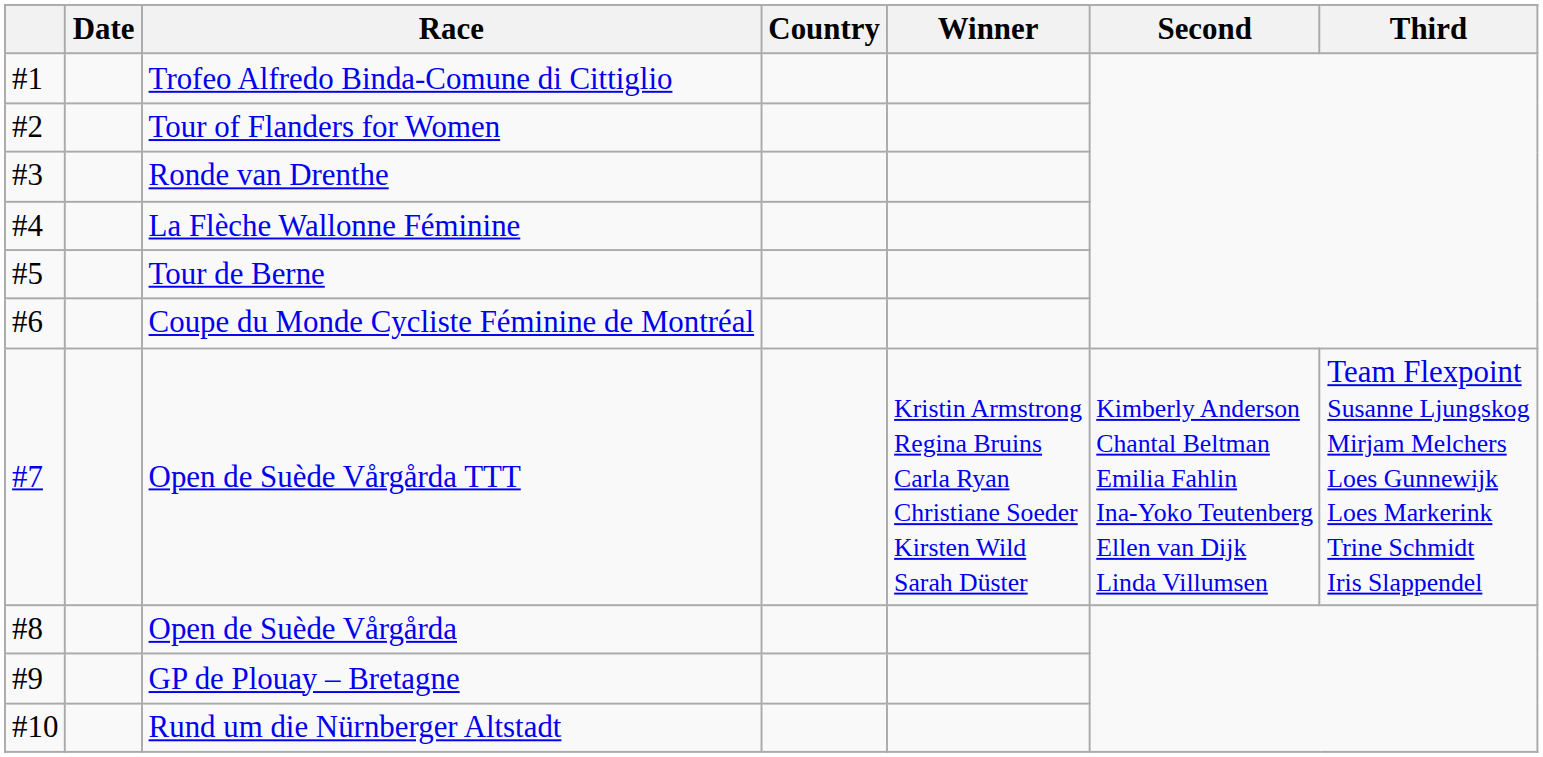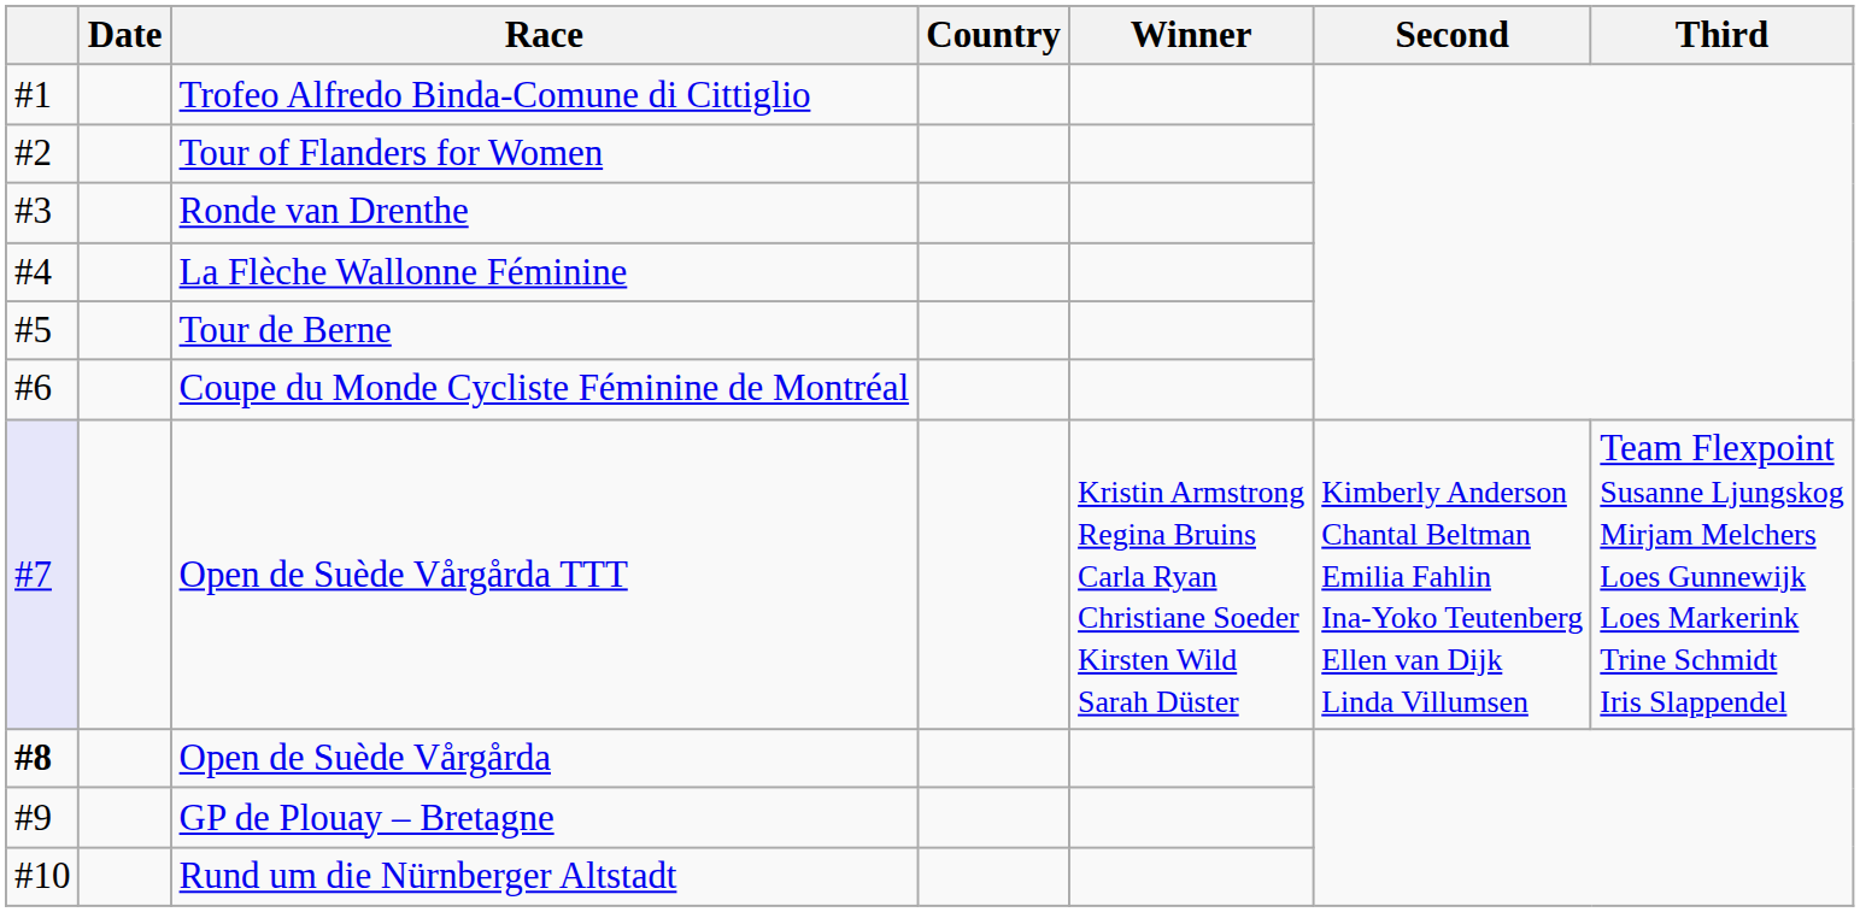 <table class="wikitable sortable">
 <tr>
 <th></th>
 <th>Date</th>
 <th>Race</th>
 <th>Country</th>
 <th>Winner</th>
 <th>Second</th>
 <th>Third</th>
 </tr>
 <tr>
 <td>#1</td>
 <td></td>
 <td><a href='#'>Trofeo Alfredo Binda-Comune di Cittiglio</a></td>
 <td></td>
 <td></td>
 </tr>
 <tr>
 <td>#2</td>
 <td></td>
 <td><a href='#'>Tour of Flanders for Women</a></td>
 <td></td>
 <td></td>
 </tr>
 <tr>
 <td>#3</td>
 <td></td>
 <td><a href='#'>Ronde van Drenthe</a></td>
 <td></td>
 <td></td>
 </tr>
 <tr>
 <td>#4</td>
 <td></td>
 <td><a href='#'>La Flèche Wallonne Féminine</a></td>
 <td></td>
 <td></td>
 </tr>
 <tr>
 <td>#5</td>
 <td></td>
 <td><a href='#'>Tour de Berne</a></td>
 <td></td>
 <td></td>
 </tr>
 <tr>
 <td>#6</td>
 <td></td>
 <td><a href='#'>Coupe du Monde Cycliste Féminine de Montréal</a></td>
 <td></td>
 <td></td>
 </tr>
 <tr>
-<td><a href='#'>#7</a></td>
+<td style="background: lavender;"><a href='#'>#7</a></td>
 <td></td>
 <td><a href='#'>Open de Suède Vårgårda TTT</a></td>
 <td></td>
 <td><br><small><a href='#'>Kristin Armstrong</a><br>  <a href='#'>Regina Bruins</a><br> <a href='#'>Carla Ryan</a><br> <a href='#'>Christiane Soeder</a><br>  <a href='#'>Kirsten Wild</a><br><a href='#'>Sarah Düster</a></small></td>
 <td><br><small><a href='#'>Kimberly Anderson</a><br> <a href='#'>Chantal Beltman</a><br> <a href='#'>Emilia Fahlin</a><br>  <a href='#'>Ina-Yoko Teutenberg</a><br> <a href='#'>Ellen van Dijk</a><br>  <a href='#'>Linda Villumsen</a> </small></td>
 <td><a href='#'>Team Flexpoint</a><br><small><a href='#'>Susanne Ljungskog</a><br> <a href='#'>Mirjam Melchers</a><br>  <a href='#'>Loes Gunnewijk</a><br><a href='#'>Loes Markerink</a><br>  <a href='#'>Trine Schmidt</a><br><a href='#'>Iris Slappendel</a></small></td>
 </tr>
 <tr>
-<td>#8</td>
+<td><strong>#8</strong></td>
 <td></td>
 <td><a href='#'>Open de Suède Vårgårda</a></td>
 <td></td>
 <td></td>
 </tr>
 <tr>
 <td>#9</td>
 <td></td>
 <td><a href='#'>GP de Plouay – Bretagne</a></td>
 <td></td>
 <td></td>
 </tr>
 <tr>
 <td>#10</td>
 <td></td>
 <td><a href='#'>Rund um die Nürnberger Altstadt</a></td>
 <td></td>
 <td></td>
 </tr>
 </table>
